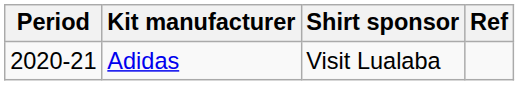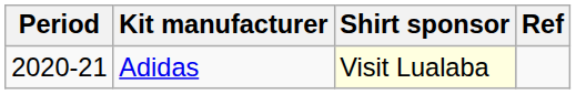 <table class="wikitable">
 <tr>
 <th>Period</th>
 <th>Kit manufacturer</th>
 <th>Shirt sponsor</th>
 <th>Ref</th>
 </tr>
 <tr>
 <td>2020-21</td>
 <td rowspan="2"><a href='#'>Adidas</a></td>
-<td>Visit Lualaba</td>
+<td style="background: lightyellow;">Visit Lualaba</td>
 <td></td>
 </tr>
 </table>
